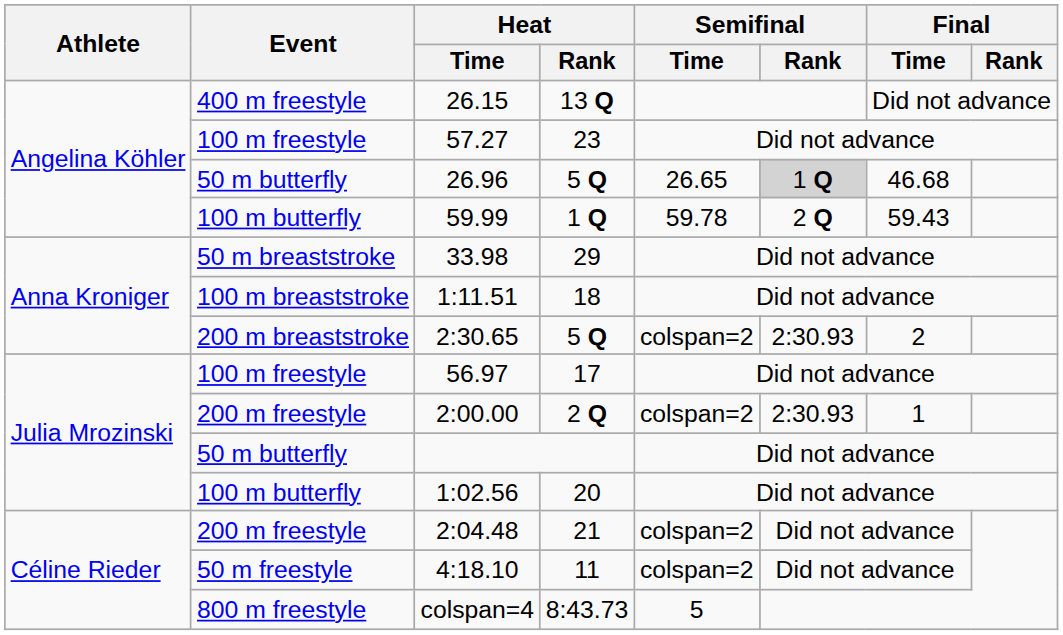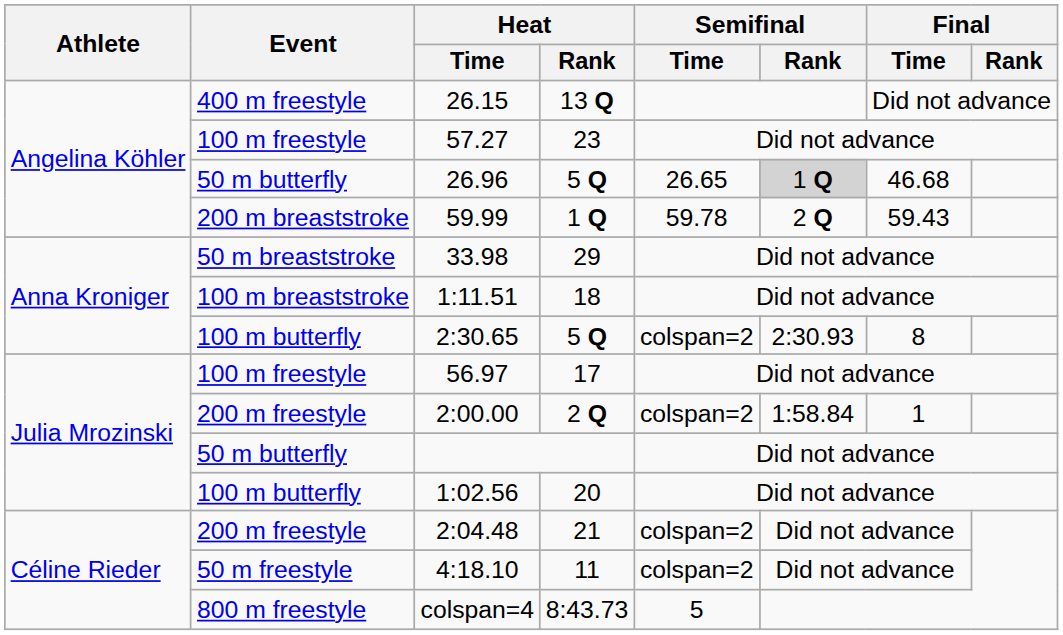 <table class=wikitable style="font-size:90%">
 <tr>
 <th rowspan=2>Athlete</th>
 <th rowspan=2>Event</th>
 <th colspan="2">Heat</th>
 <th colspan="2">Semifinal</th>
 <th colspan="2">Final</th>
 </tr>
 <tr style="font-size:95%">
 <th>Time</th>
 <th>Rank</th>
 <th>Time</th>
 <th>Rank</th>
 <th>Time</th>
 <th>Rank</th>
 </tr>
 <tr align=center>
 <td align=left rowspan=4><a href='#'>Angelina Köhler</a></td>
 <td align=left><a href='#'>400 m freestyle</a></td>
 <td>26.15</td>
 <td>13 <strong>Q</strong></td>
 <td colspan=2></td>
 <td colspan=2>Did not advance</td>
 </tr>
 <tr align=center>
 <td align=left><a href='#'>100 m freestyle</a></td>
 <td>57.27</td>
 <td>23</td>
 <td colspan=4>Did not advance</td>
 </tr>
 <tr align=center>
 <td align=left><a href='#'>50 m butterfly</a></td>
 <td>26.96</td>
 <td>5 <strong>Q</strong></td>
 <td>26.65</td>
 <td style="background: lightgrey;">1 <strong>Q</strong></td>
 <td>46.68</td>
 <td></td>
 </tr>
 <tr align=center>
-<td align=left><a href='#'>100 m butterfly</a></td>
+<td align=left><a href='#'>200 m breaststroke</a></td>
 <td>59.99</td>
 <td>1 <strong>Q</strong></td>
 <td>59.78</td>
 <td>2 <strong>Q</strong></td>
 <td>59.43</td>
 <td></td>
 </tr>
 <tr align=center>
 <td align=left rowspan=3><a href='#'>Anna Kroniger</a></td>
 <td align=left><a href='#'>50 m breaststroke</a></td>
 <td>33.98</td>
 <td>29</td>
 <td colspan=4>Did not advance</td>
 </tr>
 <tr align=center>
 <td align=left><a href='#'>100 m breaststroke</a></td>
 <td>1:11.51</td>
 <td>18</td>
 <td colspan=4>Did not advance</td>
 </tr>
 <tr align=center>
-<td align=left><a href='#'>200 m breaststroke</a></td>
+<td align=left><a href='#'>100 m butterfly</a></td>
 <td>2:30.65</td>
 <td>5 <strong>Q</strong></td>
 <td>colspan=2</td>
 <td>2:30.93</td>
-<td>2</td>
+<td>8</td>
 </tr>
 <tr align=center>
 <td align=left rowspan=4><a href='#'>Julia Mrozinski</a></td>
 <td align=left><a href='#'>100 m freestyle</a></td>
 <td>56.97</td>
 <td>17</td>
 <td colspan=4>Did not advance</td>
 </tr>
 <tr align=center>
 <td align=left><a href='#'>200 m freestyle</a></td>
 <td>2:00.00</td>
 <td>2 <strong>Q</strong></td>
 <td>colspan=2</td>
-<td>2:30.93</td>
+<td>1:58.84</td>
 <td>1</td>
 </tr>
 <tr align=center>
 <td align=left><a href='#'>50 m butterfly</a></td>
 <td colspan=2></td>
 <td colspan=4>Did not advance</td>
 </tr>
 <tr align=center>
 <td align=left><a href='#'>100 m butterfly</a></td>
 <td>1:02.56</td>
 <td>20</td>
 <td colspan=4>Did not advance</td>
 </tr>
 <tr align=center>
 <td align=left rowspan=3><a href='#'>Céline Rieder</a></td>
 <td align=left><a href='#'>200 m freestyle</a></td>
 <td>2:04.48</td>
 <td>21</td>
 <td>colspan=2</td>
 <td colspan=2>Did not advance</td>
 </tr>
 <tr align=center>
 <td align=left><a href='#'>50 m freestyle</a></td>
 <td>4:18.10</td>
 <td>11</td>
 <td>colspan=2</td>
 <td colspan=2>Did not advance</td>
 </tr>
 <tr align=center>
 <td align=left><a href='#'>800 m freestyle</a></td>
 <td>colspan=4</td>
 <td>8:43.73</td>
 <td>5</td>
 </tr>
 </table>
